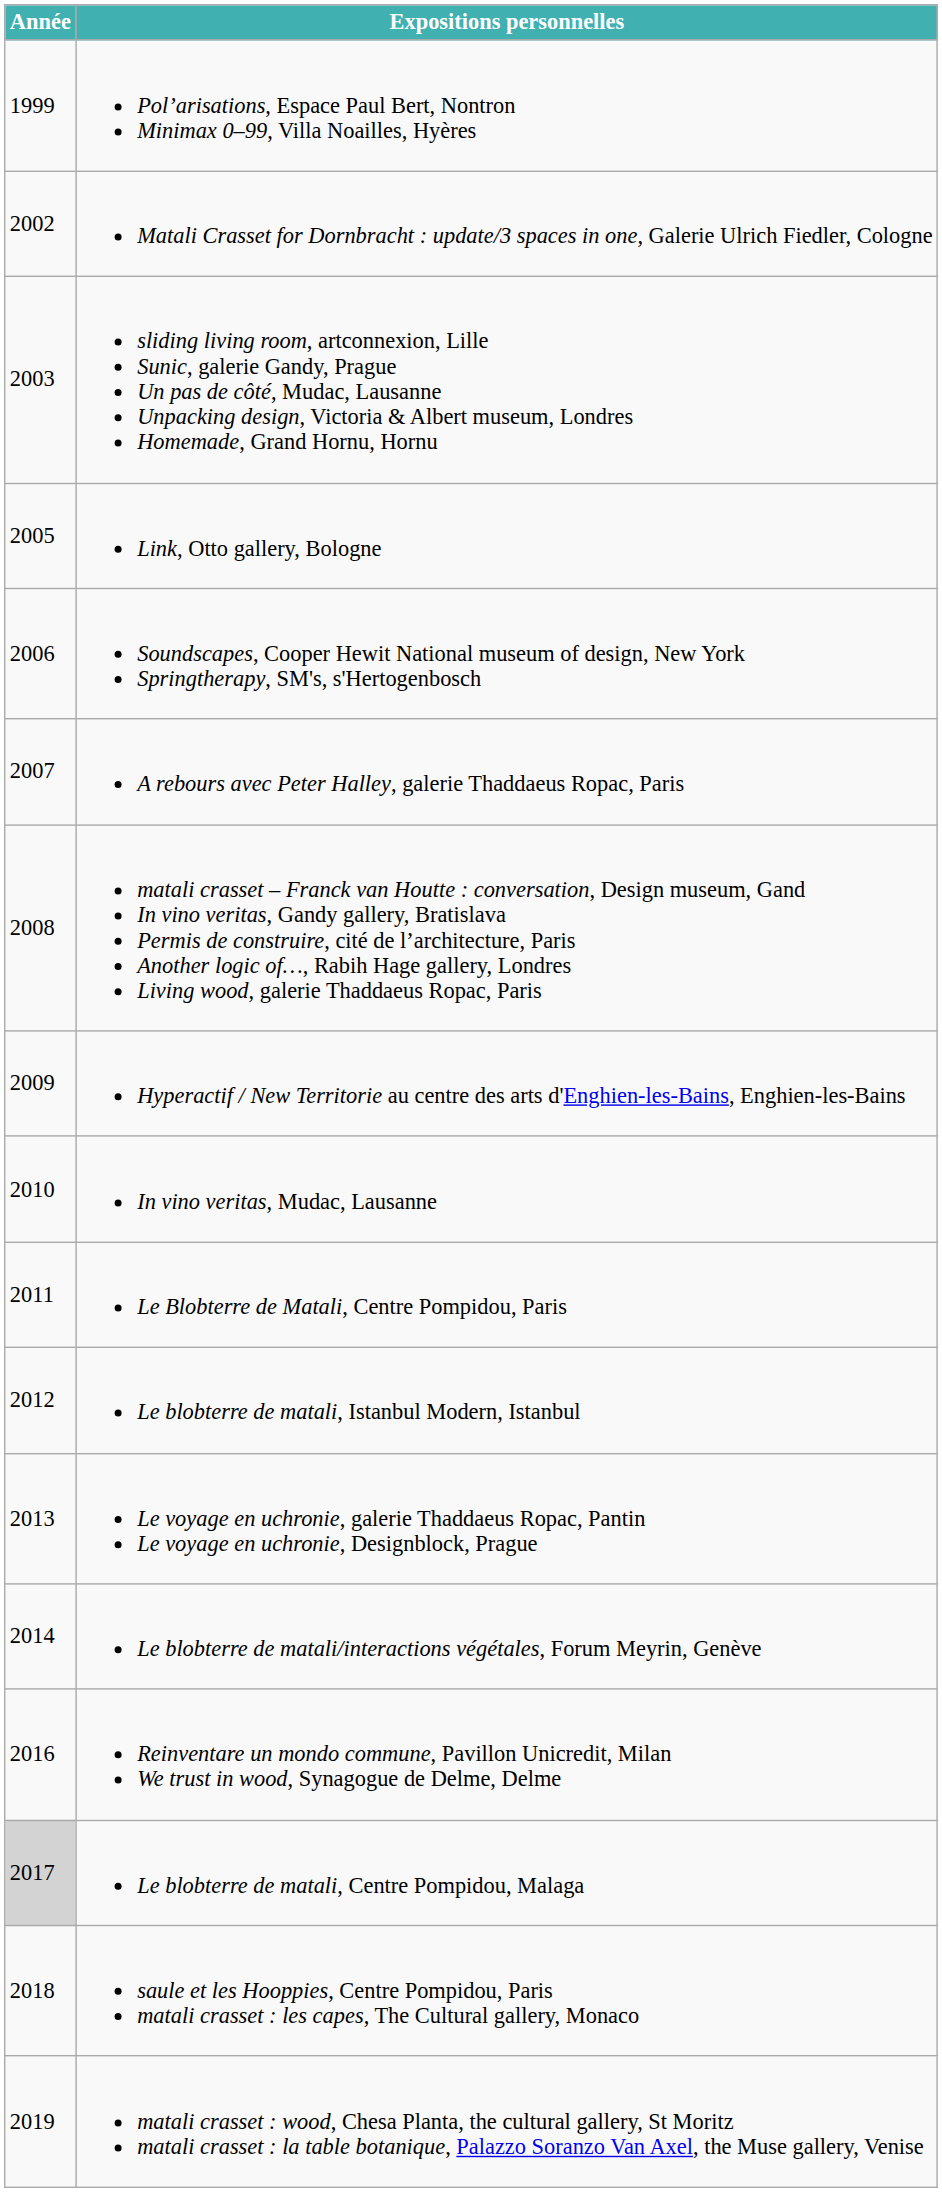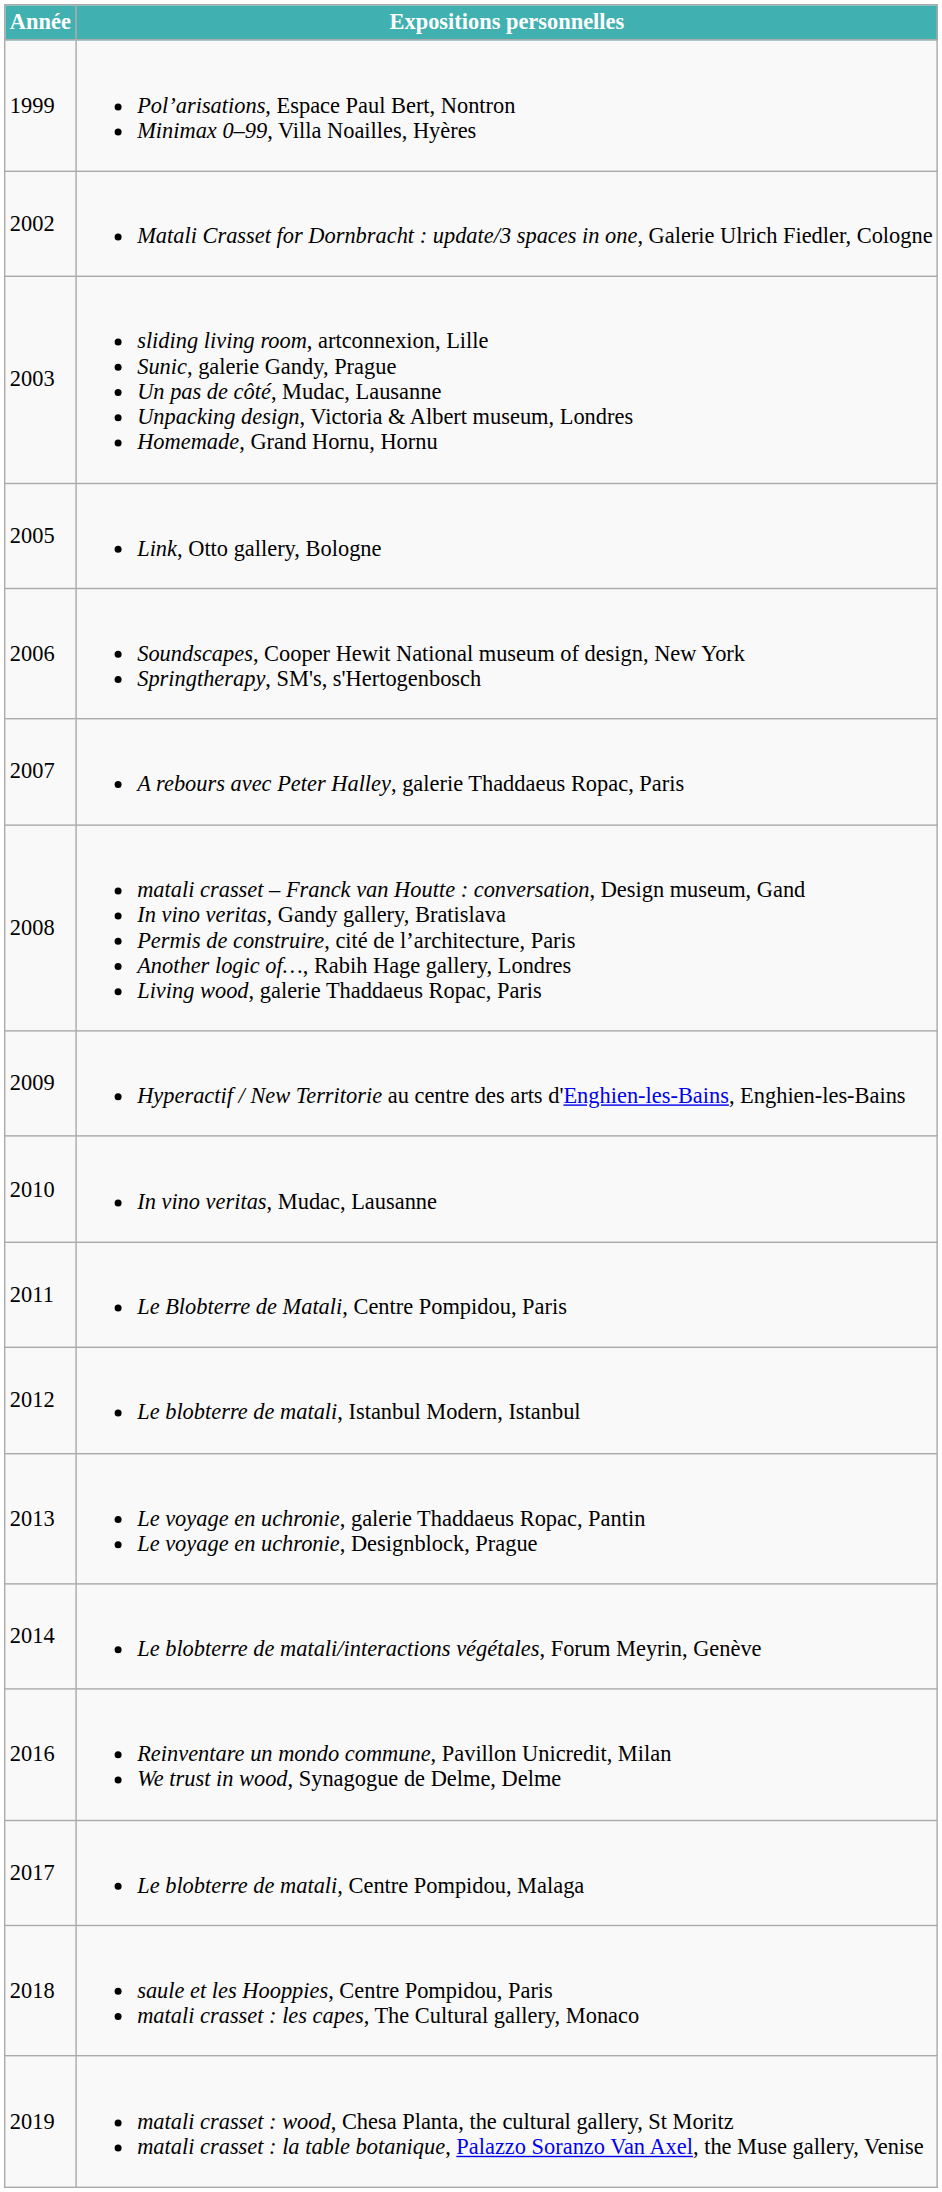 <table class="wikitable">
 <tr>
 <th style="color:#fff; background:#40B0B0;">Année</th>
 <th style="color:#fff; background:#40B0B0;">Expositions personnelles</th>
 </tr>
 <tr>
 <td>1999</td>
 <td><br><ul><li><em>Pol’arisations</em>, Espace Paul Bert, Nontron</li><li><em>Minimax 0–99</em>, Villa Noailles, Hyères</li></ul></td>
 </tr>
 <tr>
 <td>2002</td>
 <td><br><ul><li><em>Matali Crasset for Dornbracht : update/3 spaces in one</em>, Galerie Ulrich Fiedler, Cologne</li></ul></td>
 </tr>
 <tr>
 <td>2003</td>
 <td><br><ul><li><em>sliding living room</em>, artconnexion, Lille</li><li><em>Sunic</em>, galerie Gandy, Prague</li><li><em>Un pas de côté</em>, Mudac, Lausanne</li><li><em>Unpacking design</em>, Victoria & Albert museum, Londres</li><li><em>Homemade</em>, Grand Hornu, Hornu</li></ul></td>
 </tr>
 <tr>
 <td>2005</td>
 <td><br><ul><li><em>Link</em>, Otto gallery, Bologne</li></ul></td>
 </tr>
 <tr>
 <td>2006</td>
 <td><br><ul><li><em>Soundscapes</em>, Cooper Hewit National museum of design, New York</li><li><em>Springtherapy</em>, SM's, s'Hertogenbosch</li></ul></td>
 </tr>
 <tr>
 <td>2007</td>
 <td><br><ul><li><em>A rebours avec Peter Halley</em>, galerie Thaddaeus Ropac, Paris</li></ul></td>
 </tr>
 <tr>
 <td>2008</td>
 <td><br><ul><li><em>matali crasset – Franck van Houtte : conversation</em>, Design museum, Gand</li><li><em>In vino veritas</em>, Gandy gallery, Bratislava</li><li><em>Permis de construire</em>, cité de l’architecture, Paris</li><li><em>Another logic of…</em>, Rabih Hage gallery, Londres</li><li><em>Living wood</em>, galerie Thaddaeus Ropac, Paris</li></ul></td>
 </tr>
 <tr>
 <td>2009</td>
 <td><br><ul><li><em>Hyperactif / New Territorie</em> au centre des arts d'<a href='#'>Enghien-les-Bains</a>, Enghien-les-Bains</li></ul></td>
 </tr>
 <tr>
 <td>2010</td>
 <td><br><ul><li><em>In vino veritas</em>, Mudac, Lausanne</li></ul></td>
 </tr>
 <tr>
 <td>2011</td>
 <td><br><ul><li><em>Le Blobterre de Matali</em>, Centre Pompidou, Paris</li></ul></td>
 </tr>
 <tr>
 <td>2012</td>
 <td><br><ul><li><em>Le blobterre de matali</em>, Istanbul Modern, Istanbul</li></ul></td>
 </tr>
 <tr>
 <td>2013</td>
 <td><br><ul><li><em>Le voyage en uchronie</em>, galerie Thaddaeus Ropac, Pantin</li><li><em>Le voyage en uchronie</em>, Designblock, Prague</li></ul></td>
 </tr>
 <tr>
 <td>2014</td>
 <td><br><ul><li><em>Le blobterre de matali/interactions végétales</em>, Forum Meyrin, Genève</li></ul></td>
 </tr>
 <tr>
 <td>2016</td>
 <td><br><ul><li><em>Reinventare un mondo commune</em>, Pavillon Unicredit, Milan</li><li><em>We trust in wood</em>, Synagogue de Delme, Delme</li></ul></td>
 </tr>
 <tr>
-<td style="background: lightgrey;">2017</td>
+<td>2017</td>
 <td><br><ul><li><em>Le blobterre de matali</em>, Centre Pompidou, Malaga</li></ul></td>
 </tr>
 <tr>
 <td>2018</td>
 <td><br><ul><li><em>saule et les Hooppies</em>, Centre Pompidou, Paris</li><li><em>matali crasset : les capes</em>, The Cultural gallery, Monaco</li></ul></td>
 </tr>
 <tr>
 <td>2019</td>
 <td><br><ul><li><em>matali crasset : wood</em>, Chesa Planta, the cultural gallery, St Moritz</li><li><em>matali crasset : la table botanique</em>, <a href='#'>Palazzo Soranzo Van Axel</a>, the Muse gallery, Venise</li></ul></td>
 </tr>
 </table>
